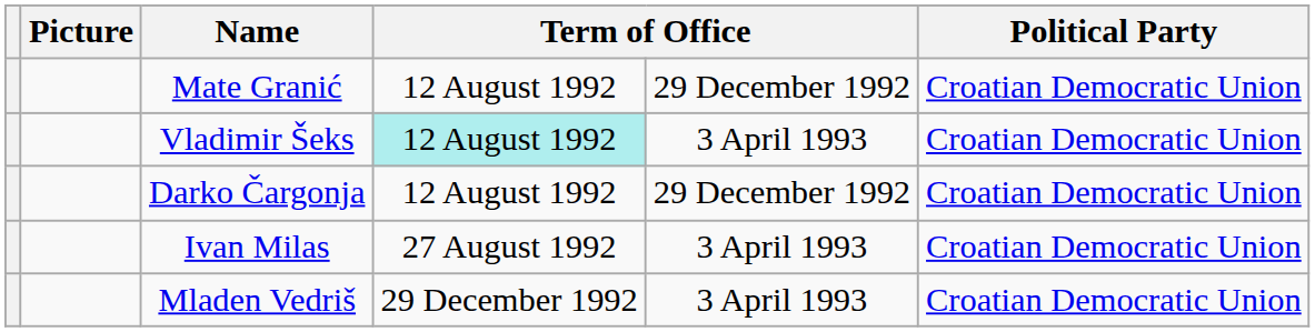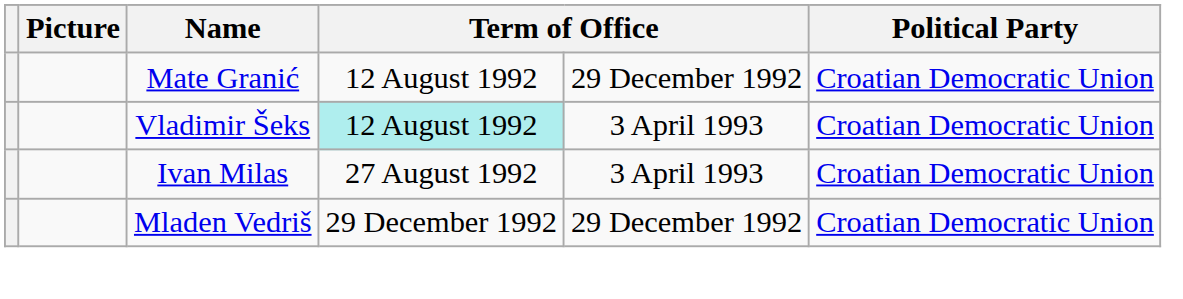 <table class="wikitable" style="text-align:center">
 <tr>
 <th></th>
 <th>Picture</th>
 <th>Name<br></th>
 <th colspan="2">Term of Office</th>
 <th>Political Party</th>
 </tr>
 <tr>
 <th style="background:"></th>
 <td></td>
 <td><a href='#'>Mate Granić</a><br></td>
 <td>12 August 1992</td>
 <td>29 December 1992</td>
 <td><a href='#'>Croatian Democratic Union</a></td>
 </tr>
 <tr>
 <th style="background:"></th>
 <td></td>
 <td><a href='#'>Vladimir Šeks</a><br></td>
 <td style="background: paleturquoise;">12 August 1992</td>
 <td>3 April 1993</td>
 <td><a href='#'>Croatian Democratic Union</a></td>
 </tr>
 <tr>
 <th style="background:"></th>
 <td></td>
-<td><a href='#'>Darko Čargonja</a><br></td>
-<td>12 August 1992</td>
-<td>29 December 1992</td>
-<td><a href='#'>Croatian Democratic Union</a></td>
-</tr>
-<tr>
-<th style="background:"></th>
-<td></td>
 <td><a href='#'>Ivan Milas</a><br></td>
 <td>27 August 1992</td>
 <td>3 April 1993</td>
 <td><a href='#'>Croatian Democratic Union</a></td>
 </tr>
 <tr>
 <th style="background:"></th>
 <td></td>
 <td><a href='#'>Mladen Vedriš</a><br></td>
 <td>29 December 1992</td>
-<td>3 April 1993</td>
+<td>29 December 1992</td>
 <td><a href='#'>Croatian Democratic Union</a></td>
 </tr>
 </table>
